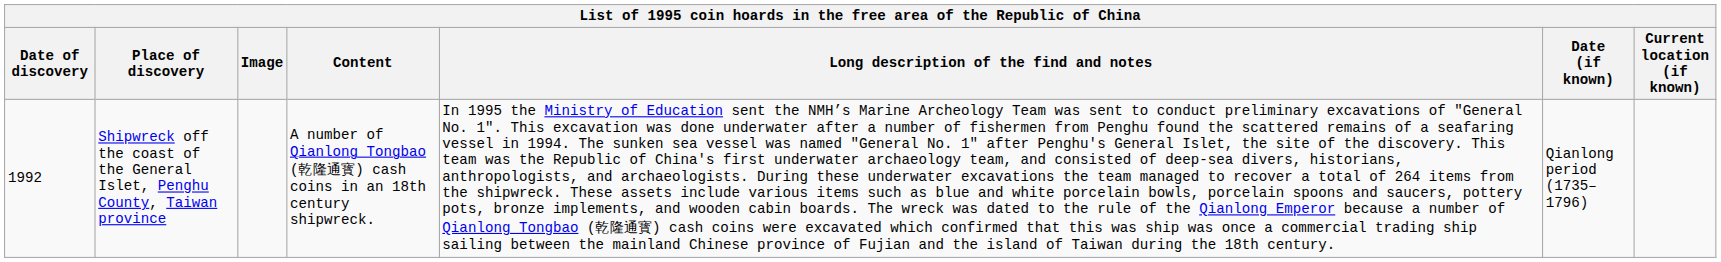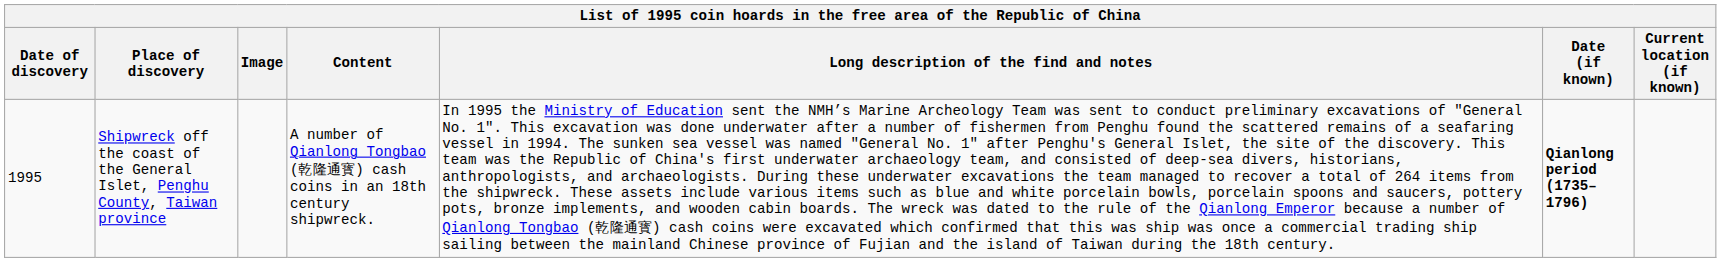 <table class="wikitable" style="font-size: 100%">
 <tr>
 <th colspan=7>List of 1995 coin hoards in the free area of the Republic of China</th>
 </tr>
 <tr>
 <th>Date of discovery</th>
 <th>Place of discovery</th>
 <th>Image</th>
 <th>Content</th>
 <th>Long description of the find and notes</th>
 <th>Date<br>(if known)</th>
 <th>Current location<br>(if known)</th>
 </tr>
 <tr>
-<td>1992</td>
+<td>1995</td>
 <td><a href='#'>Shipwreck</a> off the coast of the General Islet, <a href='#'>Penghu County</a>, <a href='#'>Taiwan province</a></td>
 <td></td>
 <td>A number of <a href='#'>Qianlong Tongbao</a> (乾隆通寳) cash coins in an 18th century shipwreck.</td>
 <td>In 1995 the <a href='#'>Ministry of Education</a> sent the NMH’s Marine Archeology Team was sent to conduct preliminary excavations of "General No. 1". This excavation was done underwater after a number of fishermen from Penghu found the scattered remains of a seafaring vessel in 1994. The sunken sea vessel was named "General No. 1" after Penghu's General Islet, the site of the discovery. This team was the Republic of China's first underwater archaeology team, and consisted of deep-sea divers, historians, anthropologists, and archaeologists. During these underwater excavations the team managed to recover a total of 264 items from the shipwreck. These assets include various items such as blue and white porcelain bowls, porcelain spoons and saucers, pottery pots, bronze implements, and wooden cabin boards. The wreck was dated to the rule of the <a href='#'>Qianlong Emperor</a> because a number of <a href='#'>Qianlong Tongbao</a> (乾隆通寳) cash coins were excavated which confirmed that this was ship was once a commercial trading ship sailing between the mainland Chinese province of Fujian and the island of Taiwan during the 18th century.</td>
-<td>Qianlong period (1735–1796)</td>
+<td><strong>Qianlong period (1735–1796)</strong></td>
 <td></td>
 </tr>
 </table>
